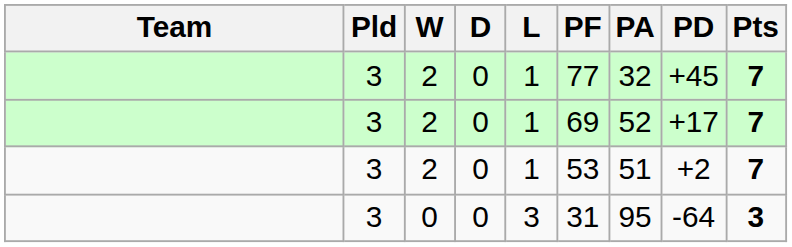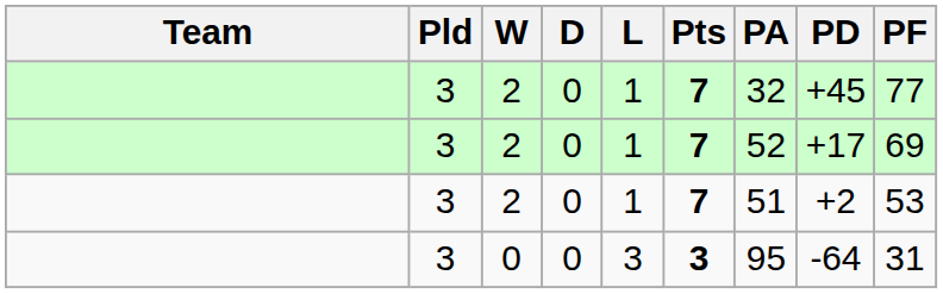 <table class="wikitable" style="text-align:center;">
 <tr>
 <th width=175>Team</th>
 <th width=20 abbr="Played">Pld</th>
 <th width=20 abbr="Won">W</th>
 <th width=20 abbr="Drawn">D</th>
 <th width=20 abbr="Lost">L</th>
-<th width=20 abbr="Points for">PF</th>
+<th width=20 abbr="Points">Pts</th>
 <th width=20 abbr="Points against">PA</th>
 <th width=25 abbr="Points difference">PD</th>
-<th width=20 abbr="Points">Pts</th>
+<th width=20 abbr="Points for">PF</th>
 </tr>
 <tr bgcolor=ccffcc>
 <td align=left></td>
 <td>3</td>
 <td>2</td>
 <td>0</td>
 <td>1</td>
-<td>77</td>
+<td><strong>7</strong></td>
 <td>32</td>
 <td>+45</td>
-<td><strong>7</strong></td>
+<td>77</td>
 </tr>
 <tr bgcolor=ccffcc>
 <td align=left></td>
 <td>3</td>
 <td>2</td>
 <td>0</td>
 <td>1</td>
-<td>69</td>
+<td><strong>7</strong></td>
 <td>52</td>
 <td>+17</td>
-<td><strong>7</strong></td>
+<td>69</td>
 </tr>
 <tr>
 <td align=left></td>
 <td>3</td>
 <td>2</td>
 <td>0</td>
 <td>1</td>
-<td>53</td>
+<td><strong>7</strong></td>
 <td>51</td>
 <td>+2</td>
-<td><strong>7</strong></td>
+<td>53</td>
 </tr>
 <tr>
 <td align=left></td>
 <td>3</td>
 <td>0</td>
 <td>0</td>
 <td>3</td>
-<td>31</td>
+<td><strong>3</strong></td>
 <td>95</td>
 <td>-64</td>
-<td><strong>3</strong></td>
+<td>31</td>
 </tr>
 </table>
